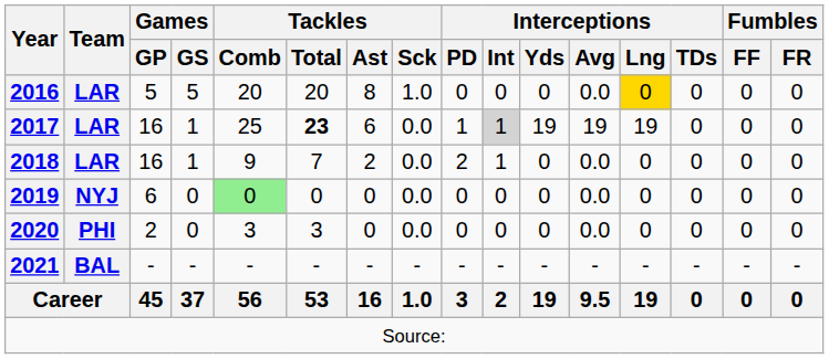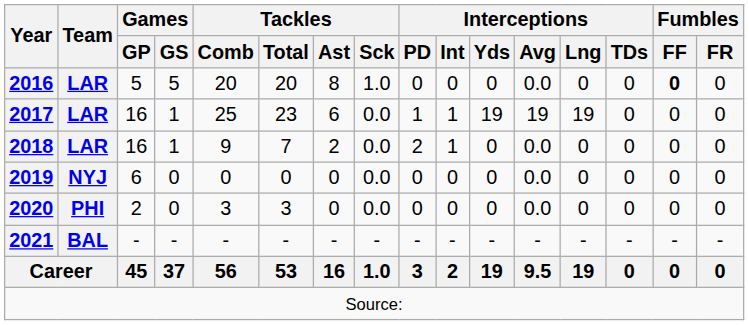 <table class="wikitable" style="text-align: center;">
 <tr>
 <th rowspan="2">Year</th>
 <th rowspan="2">Team</th>
 <th colspan="2">Games</th>
 <th colspan="4">Tackles</th>
 <th colspan="6">Interceptions</th>
 <th colspan="2">Fumbles</th>
 </tr>
 <tr>
 <th>GP</th>
 <th>GS</th>
 <th>Comb</th>
 <th>Total</th>
 <th>Ast</th>
 <th>Sck</th>
 <th>PD</th>
 <th>Int</th>
 <th>Yds</th>
 <th>Avg</th>
 <th>Lng</th>
 <th>TDs</th>
 <th>FF</th>
 <th>FR</th>
 </tr>
 <tr>
 <th><a href='#'>2016</a></th>
 <th><a href='#'>LAR</a></th>
 <td>5</td>
 <td>5</td>
 <td>20</td>
 <td>20</td>
 <td>8</td>
 <td>1.0</td>
 <td>0</td>
 <td>0</td>
 <td>0</td>
 <td>0.0</td>
-<td style="background: gold;">0</td>
 <td>0</td>
 <td>0</td>
+<td><strong>0</strong></td>
 <td>0</td>
 </tr>
 <tr>
 <th><a href='#'>2017</a></th>
 <th><a href='#'>LAR</a></th>
 <td>16</td>
 <td>1</td>
 <td>25</td>
-<td><strong>23</strong></td>
+<td>23</td>
 <td>6</td>
 <td>0.0</td>
 <td>1</td>
-<td style="background: lightgrey;">1</td>
+<td>1</td>
 <td>19</td>
 <td>19</td>
 <td>19</td>
 <td>0</td>
 <td>0</td>
 <td>0</td>
 </tr>
 <tr>
 <th><a href='#'>2018</a></th>
 <th><a href='#'>LAR</a></th>
 <td>16</td>
 <td>1</td>
 <td>9</td>
 <td>7</td>
 <td>2</td>
 <td>0.0</td>
 <td>2</td>
 <td>1</td>
 <td>0</td>
 <td>0.0</td>
 <td>0</td>
 <td>0</td>
 <td>0</td>
 <td>0</td>
 </tr>
 <tr>
 <th><a href='#'>2019</a></th>
 <th><a href='#'>NYJ</a></th>
 <td>6</td>
 <td>0</td>
-<td style="background: lightgreen;">0</td>
+<td>0</td>
 <td>0</td>
 <td>0</td>
 <td>0.0</td>
 <td>0</td>
 <td>0</td>
 <td>0</td>
 <td>0.0</td>
 <td>0</td>
 <td>0</td>
 <td>0</td>
 <td>0</td>
 </tr>
 <tr>
 <th><a href='#'>2020</a></th>
 <th><a href='#'>PHI</a></th>
 <td>2</td>
 <td>0</td>
 <td>3</td>
 <td>3</td>
 <td>0</td>
 <td>0.0</td>
 <td>0</td>
 <td>0</td>
 <td>0</td>
 <td>0.0</td>
 <td>0</td>
 <td>0</td>
 <td>0</td>
 <td>0</td>
 </tr>
 <tr>
 <th><a href='#'>2021</a></th>
 <th><a href='#'>BAL</a></th>
 <td>-</td>
 <td>-</td>
 <td>-</td>
 <td>-</td>
 <td>-</td>
 <td>-</td>
 <td>-</td>
 <td>-</td>
 <td>-</td>
 <td>-</td>
 <td>-</td>
 <td>-</td>
 <td>-</td>
 <td>-</td>
 </tr>
 <tr>
 <th colspan="2">Career</th>
 <th>45</th>
 <th>37</th>
 <th>56</th>
 <th>53</th>
 <th>16</th>
 <th>1.0</th>
 <th>3</th>
 <th>2</th>
 <th>19</th>
 <th>9.5</th>
 <th>19</th>
 <th>0</th>
 <th>0</th>
 <th>0</th>
 </tr>
 <tr>
 <td colspan="18"><small>Source: </small></td>
 </tr>
 </table>
